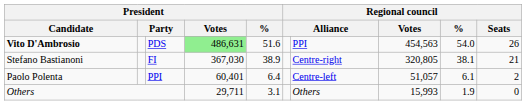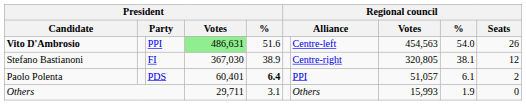 <table class="wikitable" style="text-align:right; style="width=65%">
 <tr>
 <th colspan="5">President</th>
 <th colspan="7">Regional council</th>
 </tr>
 <tr>
 <th>Candidate</th>
 <th colspan="2">Party</th>
 <th>Votes</th>
 <th>%</th>
 <th colspan="2">Alliance</th>
 <th>Votes</th>
 <th>%</th>
 <th>Seats</th>
 </tr>
 <tr>
 <td style="text-align:left"><strong>Vito D'Ambrosio</strong></td>
 <td></td>
-<td style="text-align:left"><a href='#'>PDS</a></td>
+<td style="text-align:left"><a href='#'>PPI</a></td>
 <td style="background: lightgreen;">486,631</td>
 <td>51.6</td>
 <td></td>
-<td style="text-align:left"><a href='#'>PPI</a></td>
+<td style="text-align:left"><a href='#'>Centre-left</a></td>
 <td>454,563</td>
 <td>54.0</td>
 <td>26</td>
 </tr>
 <tr>
 <td style="text-align:left">Stefano Bastianoni</td>
 <td></td>
 <td style="text-align:left"><a href='#'>FI</a></td>
 <td>367,030</td>
 <td>38.9</td>
 <td></td>
 <td style="text-align:left"><a href='#'>Centre-right</a></td>
 <td>320,805</td>
 <td>38.1</td>
-<td>21</td>
+<td>12</td>
 </tr>
 <tr>
 <td style="text-align:left">Paolo Polenta</td>
 <td></td>
+<td style="text-align:left"><a href='#'>PDS</a></td>
+<td>60,401</td>
+<td><strong>6.4</strong></td>
+<td></td>
 <td style="text-align:left"><a href='#'>PPI</a></td>
-<td>60,401</td>
-<td>6.4</td>
-<td></td>
-<td style="text-align:left"><a href='#'>Centre-left</a></td>
 <td>51,057</td>
 <td>6.1</td>
 <td>2</td>
 </tr>
 <tr>
 <td colspan="3" style="text-align:left"><em>Others</em></td>
 <td>29,711</td>
 <td>3.1</td>
 <td></td>
 <td style="text-align:left"><em>Others</em></td>
 <td>15,993</td>
 <td>1.9</td>
 <td>0</td>
 </tr>
 </table>
